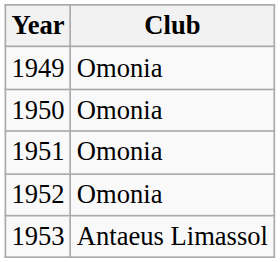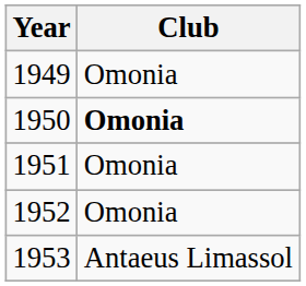 <table class="wikitable" style="text-align:left;margin-left:1em;">
 <tr>
 <th>Year</th>
 <th>Club</th>
 </tr>
 <tr>
 <td>1949</td>
 <td>Omonia</td>
 </tr>
 <tr>
 <td>1950</td>
-<td>Omonia</td>
+<td><strong>Omonia</strong></td>
 </tr>
 <tr>
 <td>1951</td>
 <td>Omonia</td>
 </tr>
 <tr>
 <td>1952</td>
 <td>Omonia</td>
 </tr>
 <tr>
 <td>1953</td>
 <td>Antaeus Limassol</td>
 </tr>
 </table>
